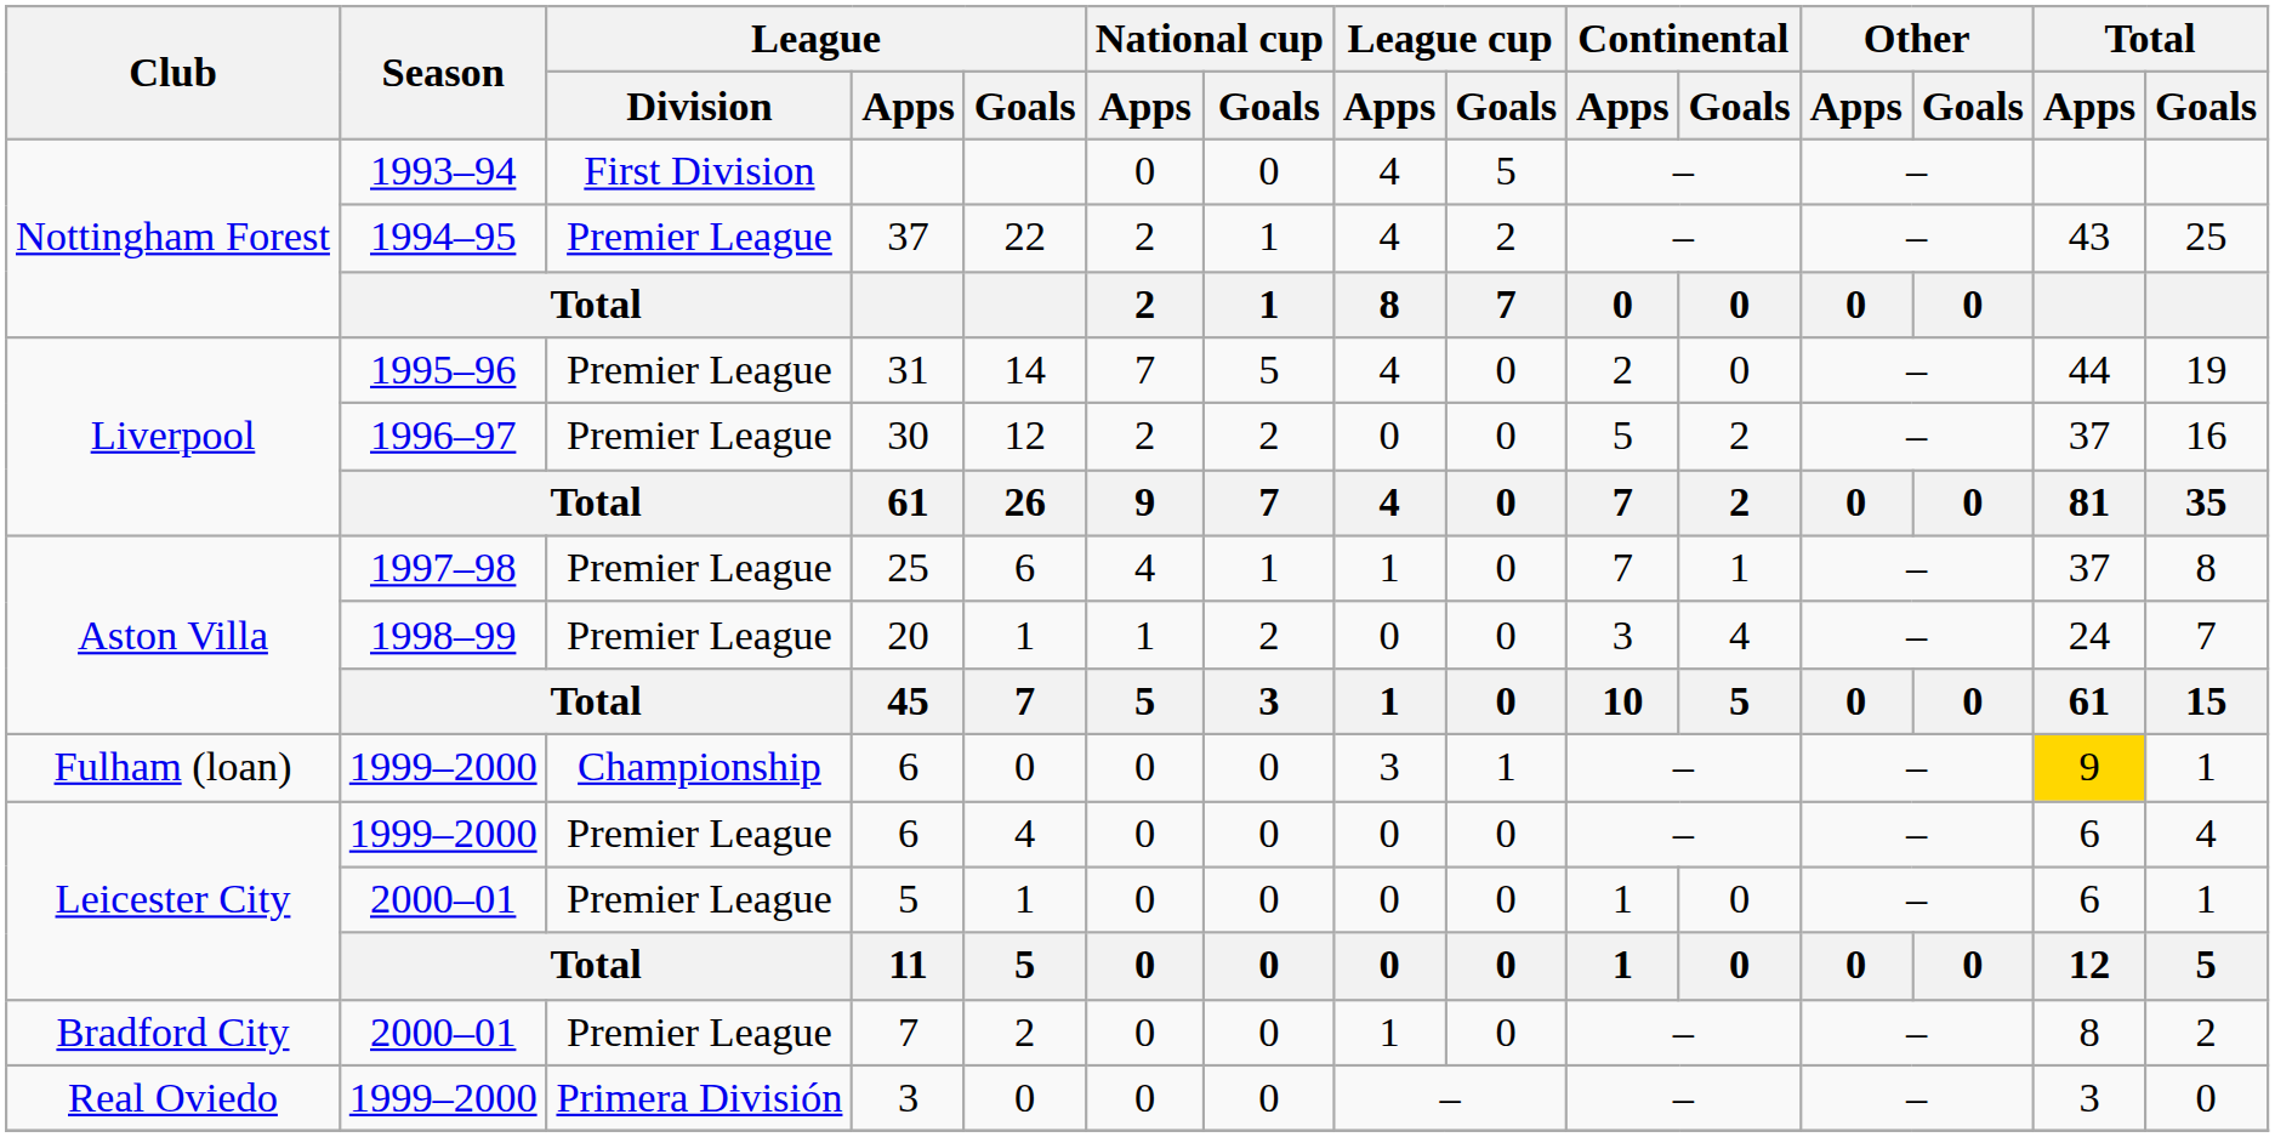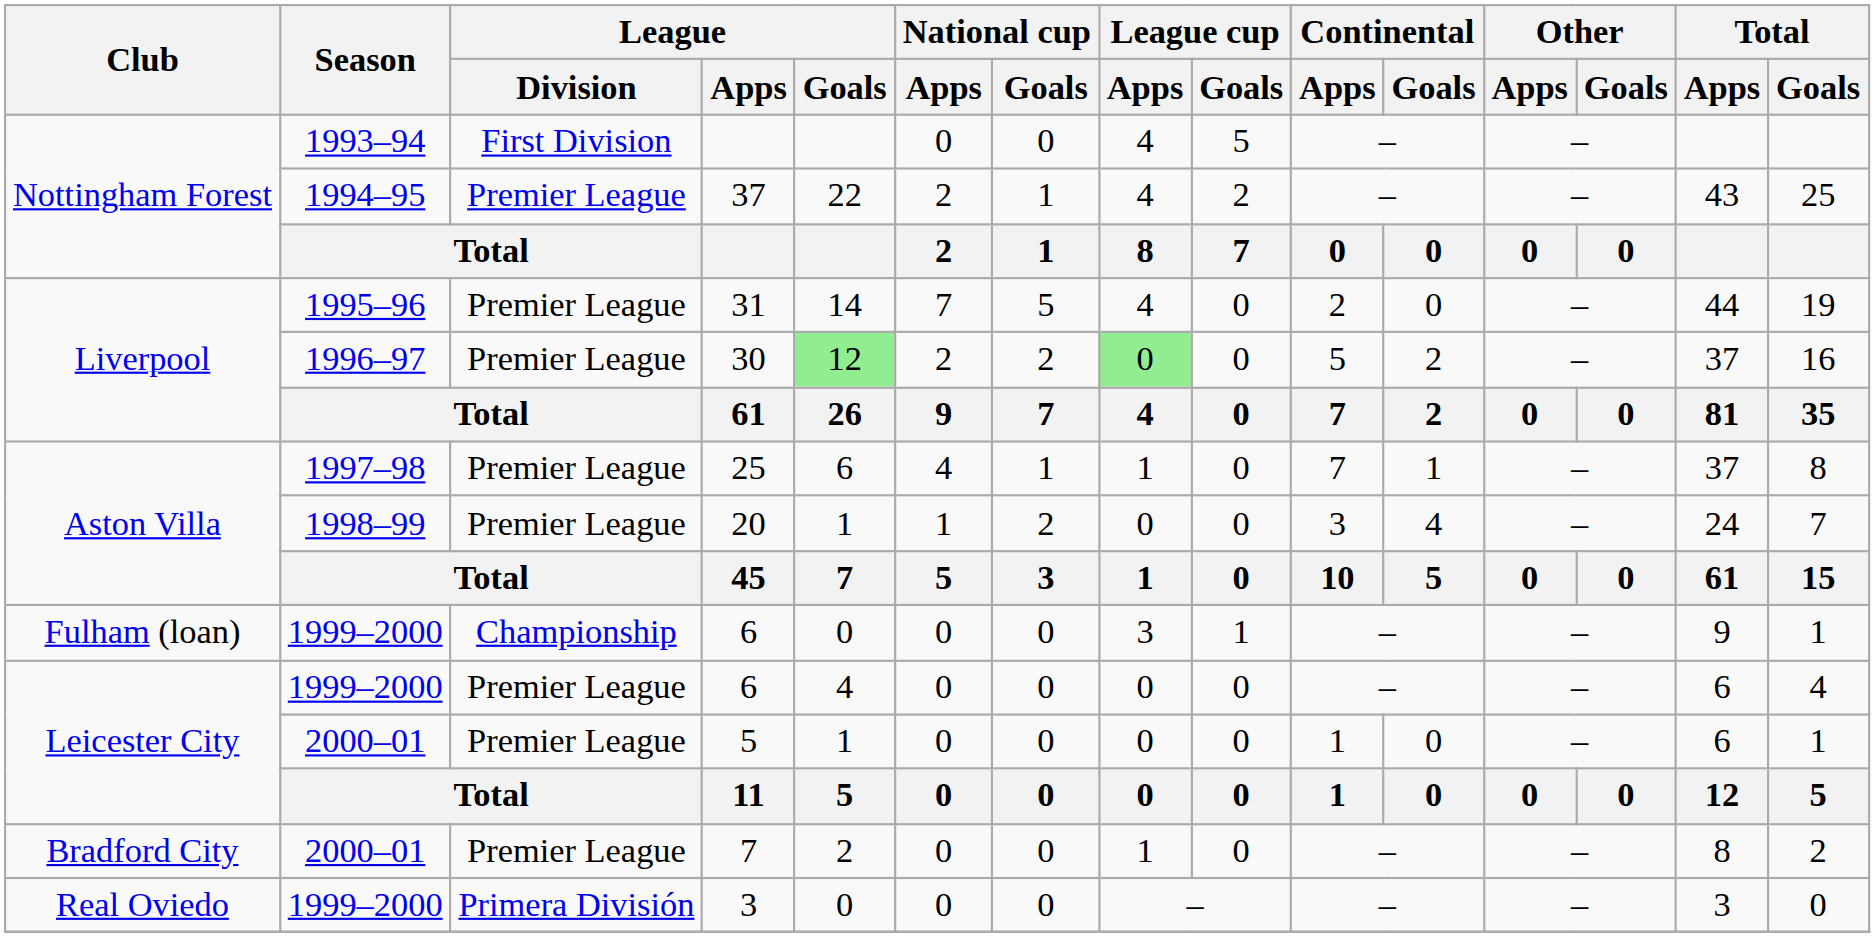 <table class="wikitable" style="text-align:center">
 <tr>
 <th rowspan="2">Club</th>
 <th rowspan="2">Season</th>
 <th colspan="3">League</th>
 <th colspan="2">National cup</th>
 <th colspan="2">League cup</th>
 <th colspan="2">Continental</th>
 <th colspan="2">Other</th>
 <th colspan="2">Total</th>
 </tr>
 <tr>
 <th>Division</th>
 <th>Apps</th>
 <th>Goals</th>
 <th>Apps</th>
 <th>Goals</th>
 <th>Apps</th>
 <th>Goals</th>
 <th>Apps</th>
 <th>Goals</th>
 <th>Apps</th>
 <th>Goals</th>
 <th>Apps</th>
 <th>Goals</th>
 </tr>
 <tr>
 <td rowspan="3"><a href='#'>Nottingham Forest</a></td>
 <td><a href='#'>1993–94</a></td>
 <td><a href='#'>First Division</a></td>
 <td></td>
 <td></td>
 <td>0</td>
 <td>0</td>
 <td>4</td>
 <td>5</td>
 <td colspan="2">–</td>
 <td colspan="2">–</td>
 <td></td>
 <td></td>
 </tr>
 <tr>
 <td><a href='#'>1994–95</a></td>
 <td><a href='#'>Premier League</a></td>
 <td>37</td>
 <td>22</td>
 <td>2</td>
 <td>1</td>
 <td>4</td>
 <td>2</td>
 <td colspan="2">–</td>
 <td colspan="2">–</td>
 <td>43</td>
 <td>25</td>
 </tr>
 <tr>
 <th colspan="2">Total</th>
 <th></th>
 <th></th>
 <th>2</th>
 <th>1</th>
 <th>8</th>
 <th>7</th>
 <th>0</th>
 <th>0</th>
 <th>0</th>
 <th>0</th>
 <th></th>
 <th></th>
 </tr>
 <tr>
 <td rowspan="3"><a href='#'>Liverpool</a></td>
 <td><a href='#'>1995–96</a></td>
 <td>Premier League</td>
 <td>31</td>
 <td>14</td>
 <td>7</td>
 <td>5</td>
 <td>4</td>
 <td>0</td>
 <td>2</td>
 <td>0</td>
 <td colspan="2">–</td>
 <td>44</td>
 <td>19</td>
 </tr>
 <tr>
 <td><a href='#'>1996–97</a></td>
 <td>Premier League</td>
 <td>30</td>
-<td>12</td>
+<td style="background: lightgreen;">12</td>
 <td>2</td>
 <td>2</td>
-<td>0</td>
+<td style="background: lightgreen;">0</td>
 <td>0</td>
 <td>5</td>
 <td>2</td>
 <td colspan="2">–</td>
 <td>37</td>
 <td>16</td>
 </tr>
 <tr>
 <th colspan="2">Total</th>
 <th>61</th>
 <th>26</th>
 <th>9</th>
 <th>7</th>
 <th>4</th>
 <th>0</th>
 <th>7</th>
 <th>2</th>
 <th>0</th>
 <th>0</th>
 <th>81</th>
 <th>35</th>
 </tr>
 <tr>
 <td rowspan="3"><a href='#'>Aston Villa</a></td>
 <td><a href='#'>1997–98</a></td>
 <td>Premier League</td>
 <td>25</td>
 <td>6</td>
 <td>4</td>
 <td>1</td>
 <td>1</td>
 <td>0</td>
 <td>7</td>
 <td>1</td>
 <td colspan="2">–</td>
 <td>37</td>
 <td>8</td>
 </tr>
 <tr>
 <td><a href='#'>1998–99</a></td>
 <td>Premier League</td>
 <td>20</td>
 <td>1</td>
 <td>1</td>
 <td>2</td>
 <td>0</td>
 <td>0</td>
 <td>3</td>
 <td>4</td>
 <td colspan="2">–</td>
 <td>24</td>
 <td>7</td>
 </tr>
 <tr>
 <th colspan="2">Total</th>
 <th>45</th>
 <th>7</th>
 <th>5</th>
 <th>3</th>
 <th>1</th>
 <th>0</th>
 <th>10</th>
 <th>5</th>
 <th>0</th>
 <th>0</th>
 <th>61</th>
 <th>15</th>
 </tr>
 <tr>
 <td><a href='#'>Fulham</a> (loan)</td>
 <td><a href='#'>1999–2000</a></td>
 <td><a href='#'>Championship</a></td>
 <td>6</td>
 <td>0</td>
 <td>0</td>
 <td>0</td>
 <td>3</td>
 <td>1</td>
 <td colspan="2">–</td>
 <td colspan="2">–</td>
-<td style="background: gold;">9</td>
+<td>9</td>
 <td>1</td>
 </tr>
 <tr>
 <td rowspan="3"><a href='#'>Leicester City</a></td>
 <td><a href='#'>1999–2000</a></td>
 <td>Premier League</td>
 <td>6</td>
 <td>4</td>
 <td>0</td>
 <td>0</td>
 <td>0</td>
 <td>0</td>
 <td colspan="2">–</td>
 <td colspan="2">–</td>
 <td>6</td>
 <td>4</td>
 </tr>
 <tr>
 <td><a href='#'>2000–01</a></td>
 <td>Premier League</td>
 <td>5</td>
 <td>1</td>
 <td>0</td>
 <td>0</td>
 <td>0</td>
 <td>0</td>
 <td>1</td>
 <td>0</td>
 <td colspan="2">–</td>
 <td>6</td>
 <td>1</td>
 </tr>
 <tr>
 <th colspan="2">Total</th>
 <th>11</th>
 <th>5</th>
 <th>0</th>
 <th>0</th>
 <th>0</th>
 <th>0</th>
 <th>1</th>
 <th>0</th>
 <th>0</th>
 <th>0</th>
 <th>12</th>
 <th>5</th>
 </tr>
 <tr>
 <td><a href='#'>Bradford City</a></td>
 <td><a href='#'>2000–01</a></td>
 <td>Premier League</td>
 <td>7</td>
 <td>2</td>
 <td>0</td>
 <td>0</td>
 <td>1</td>
 <td>0</td>
 <td colspan="2">–</td>
 <td colspan="2">–</td>
 <td>8</td>
 <td>2</td>
 </tr>
 <tr>
 <td><a href='#'>Real Oviedo</a></td>
 <td><a href='#'>1999–2000</a></td>
 <td><a href='#'>Primera División</a></td>
 <td>3</td>
 <td>0</td>
 <td>0</td>
 <td>0</td>
 <td colspan="2">–</td>
 <td colspan="2">–</td>
 <td colspan="2">–</td>
 <td>3</td>
 <td>0</td>
 </tr>
 <tr>
 </tr>
 </table>
